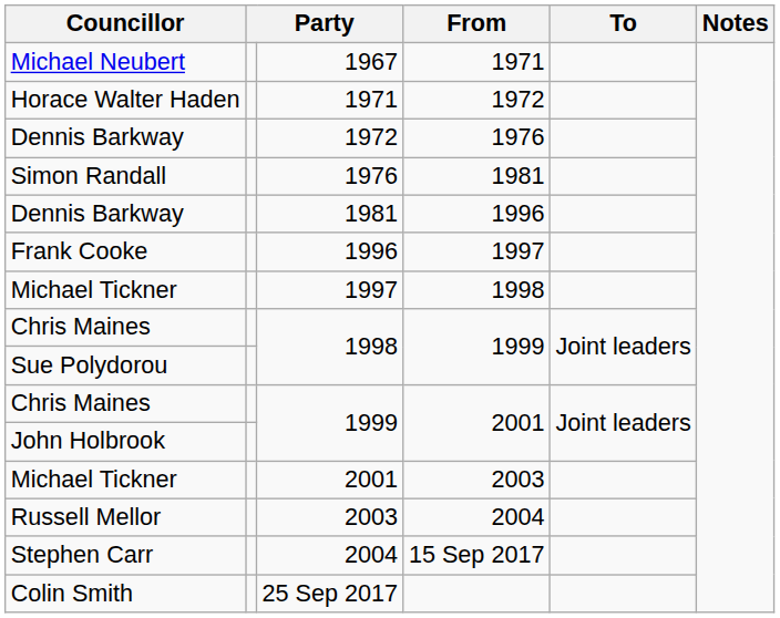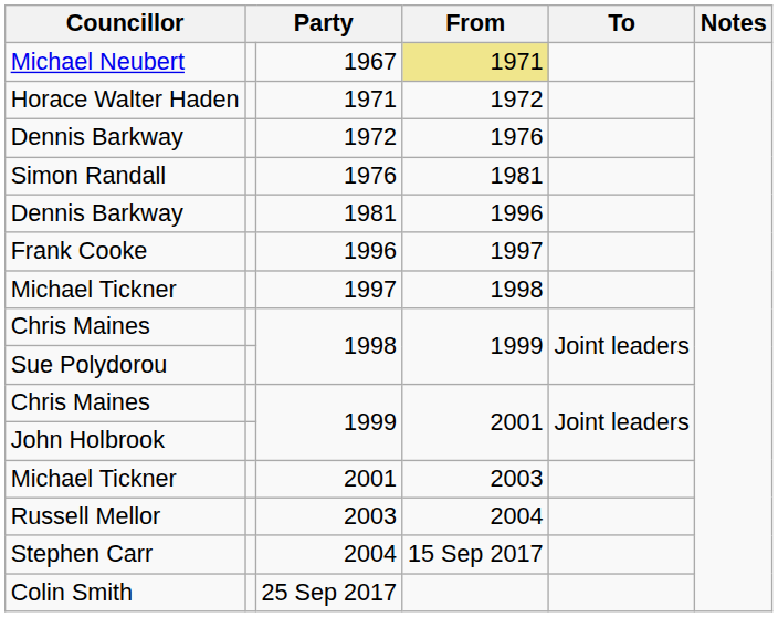 <table class=wikitable>
 <tr>
 <th>Councillor</th>
 <th colspan=2>Party</th>
 <th>From</th>
 <th>To</th>
 <th>Notes</th>
 </tr>
 <tr>
 <td><a href='#'>Michael Neubert</a></td>
 <td></td>
 <td align=right>1967</td>
-<td align=right>1971</td>
+<td align=right style="background: khaki;">1971</td>
 <td></td>
 </tr>
 <tr>
 <td>Horace Walter Haden</td>
 <td></td>
 <td align=right>1971</td>
 <td align=right>1972</td>
 <td></td>
 </tr>
 <tr>
 <td>Dennis Barkway</td>
 <td></td>
 <td align=right>1972</td>
 <td align=right>1976</td>
 <td></td>
 </tr>
 <tr>
 <td>Simon Randall</td>
 <td></td>
 <td align=right>1976</td>
 <td align=right>1981</td>
 <td></td>
 </tr>
 <tr>
 <td>Dennis Barkway</td>
 <td></td>
 <td align=right>1981</td>
 <td align=right>1996</td>
 <td></td>
 </tr>
 <tr>
 <td>Frank Cooke</td>
 <td></td>
 <td align=right>1996</td>
 <td align=right>1997</td>
 <td></td>
 </tr>
 <tr>
 <td>Michael Tickner</td>
 <td></td>
 <td align=right>1997</td>
 <td align=right>1998</td>
 <td></td>
 </tr>
 <tr>
 <td>Chris Maines</td>
 <td></td>
 <td rowspan=2 align=right>1998</td>
 <td rowspan=2 align=right>1999</td>
 <td rowspan=2>Joint leaders</td>
 </tr>
 <tr>
 <td>Sue Polydorou</td>
 <td></td>
 </tr>
 <tr>
 <td>Chris Maines</td>
 <td></td>
 <td rowspan=2 align=right>1999</td>
 <td rowspan=2 align=right>2001</td>
 <td rowspan=2>Joint leaders</td>
 </tr>
 <tr>
 <td>John Holbrook</td>
 <td></td>
 </tr>
 <tr>
 <td>Michael Tickner</td>
 <td></td>
 <td align=right>2001</td>
 <td align=right>2003</td>
 <td></td>
 </tr>
 <tr>
 <td>Russell Mellor</td>
 <td></td>
 <td align=right>2003</td>
 <td align=right>2004</td>
 <td></td>
 </tr>
 <tr>
 <td>Stephen Carr</td>
 <td></td>
 <td align=right>2004</td>
 <td align=right>15 Sep 2017</td>
 <td></td>
 </tr>
 <tr>
 <td>Colin Smith</td>
 <td></td>
 <td align=right>25 Sep 2017</td>
 <td align=right></td>
 <td></td>
 </tr>
 </table>
